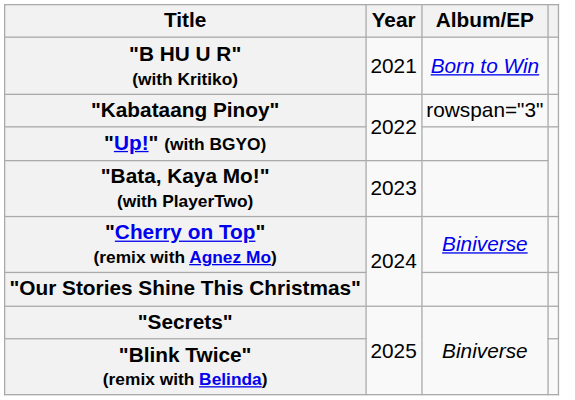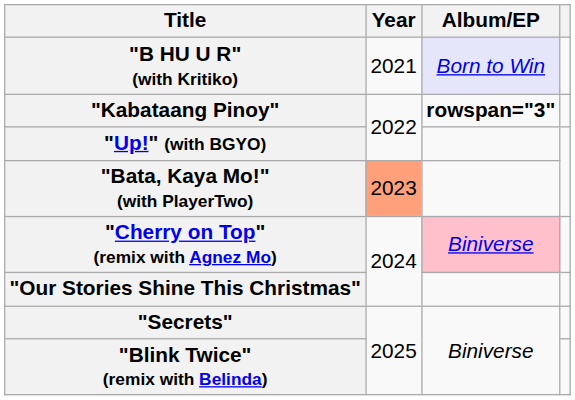 <table class="wikitable plainrowheaders" style="text-align:center">
 <tr>
 <th scope="col">Title</th>
 <th scope="col">Year</th>
 <th scope="col">Album/EP</th>
 <th scope="col"></th>
 </tr>
 <tr>
 <th scope="row">"B HU U R"<br><small>(with Kritiko)</small></th>
 <td>2021</td>
-<td><em><a href='#'>Born to Win</a></em></td>
+<td style="background: lavender;"><em><a href='#'>Born to Win</a></em></td>
 <td></td>
 </tr>
 <tr>
 <th scope="row">"Kabataang Pinoy" </th>
 <td rowspan="2">2022</td>
-<td>rowspan="3" </td>
+<td><strong>rowspan="3" </strong></td>
 <td></td>
 </tr>
 <tr>
 <th scope="row">"<a href='#'>Up!</a>" <small>(with BGYO)</small></th>
 <td></td>
 </tr>
 <tr>
 <th scope="row">"Bata, Kaya Mo!"<br><small>(with PlayerTwo)</small></th>
-<td>2023</td>
+<td style="background: lightsalmon;">2023</td>
 <td></td>
 </tr>
 <tr>
 <th scope="row">"<a href='#'>Cherry on Top</a>"<br><small>(remix with <a href='#'>Agnez Mo</a>)</small></th>
 <td rowspan="2">2024</td>
-<td><em><a href='#'>Biniverse</a></em></td>
+<td style="background: pink;"><em><a href='#'>Biniverse</a></em></td>
 <td></td>
 </tr>
 <tr>
 <th scope="row">"Our Stories Shine This Christmas"<br></th>
 <td></td>
 <td></td>
 </tr>
 <tr>
 <th scope="row">"Secrets"<br></th>
 <td rowspan="2">2025</td>
 <td rowspan="2"><em>Biniverse</em></td>
 <td></td>
 </tr>
 <tr>
 <th scope="row">"Blink Twice"<br><small>(remix with <a href='#'>Belinda</a>)</small></th>
 <td></td>
 </tr>
 </table>
